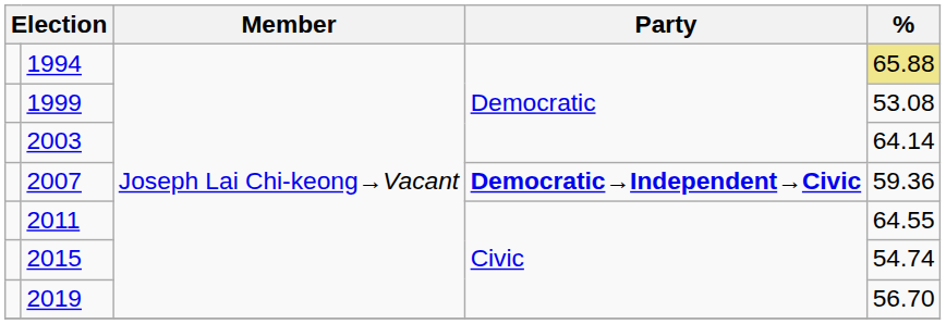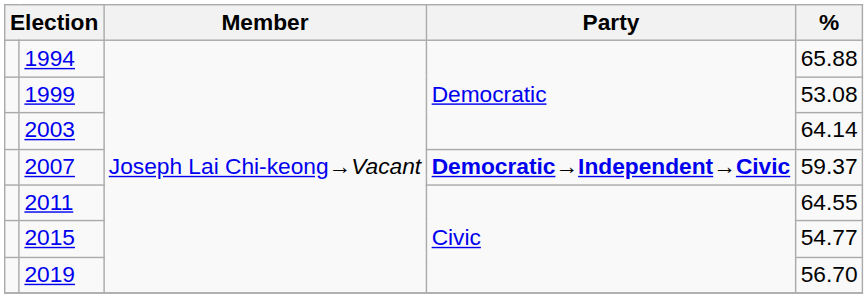 <table class="wikitable">
 <tr>
 <th colspan="2">Election</th>
 <th>Member</th>
 <th>Party</th>
 <th>%</th>
 </tr>
 <tr>
 <td style="background-color: "></td>
 <td><a href='#'>1994</a></td>
 <td rowspan=7><a href='#'>Joseph Lai Chi-keong</a>→<em>Vacant</em></td>
 <td rowspan=3><a href='#'>Democratic</a></td>
-<td style="background: khaki;">65.88</td>
+<td>65.88</td>
 </tr>
 <tr>
 <td style="background-color: "></td>
 <td><a href='#'>1999</a></td>
 <td>53.08</td>
 </tr>
 <tr>
 <td style="background-color: "></td>
 <td><a href='#'>2003</a></td>
 <td>64.14</td>
 </tr>
 <tr>
 <td style="background-color: "></td>
 <td><a href='#'>2007</a></td>
 <td><strong><a href='#'>Democratic</a>→<a href='#'>Independent</a>→<a href='#'>Civic</a></strong></td>
-<td>59.36</td>
+<td>59.37</td>
 </tr>
 <tr>
 <td style="background-color: "></td>
 <td><a href='#'>2011</a></td>
 <td rowspan=3><a href='#'>Civic</a></td>
 <td>64.55</td>
 </tr>
 <tr>
 <td style="background-color: "></td>
 <td><a href='#'>2015</a></td>
-<td>54.74</td>
+<td>54.77</td>
 </tr>
 <tr>
 <td style="background-color: "></td>
 <td><a href='#'>2019</a></td>
 <td>56.70</td>
 </tr>
 <tr>
 </tr>
 </table>
